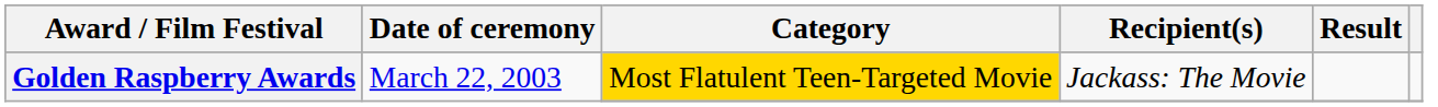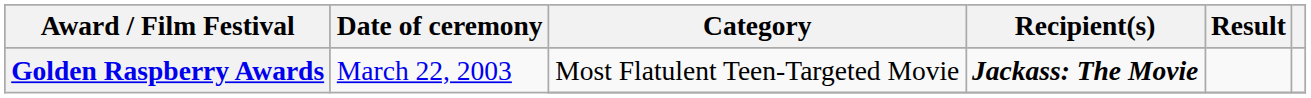 <table class="wikitable sortable plainrowheaders">
 <tr>
 <th scope="col">Award / Film Festival</th>
 <th scope="col">Date of ceremony</th>
 <th scope="col">Category</th>
 <th scope="col">Recipient(s)</th>
 <th scope="col">Result</th>
 <th class="unsortable" scope="col"></th>
 </tr>
 <tr>
 <th rowspan=5 scope="row"><a href='#'>Golden Raspberry Awards</a></th>
 <td rowspan=5><a href='#'>March 22, 2003</a></td>
-<td style="background: gold;">Most Flatulent Teen-Targeted Movie</td>
-<td><em>Jackass: The Movie</em></td>
+<td>Most Flatulent Teen-Targeted Movie</td>
+<td><strong><em>Jackass: The Movie</em></strong></td>
 <td></td>
 <td></td>
 </tr>
 <tr>
 </tr>
 </table>
